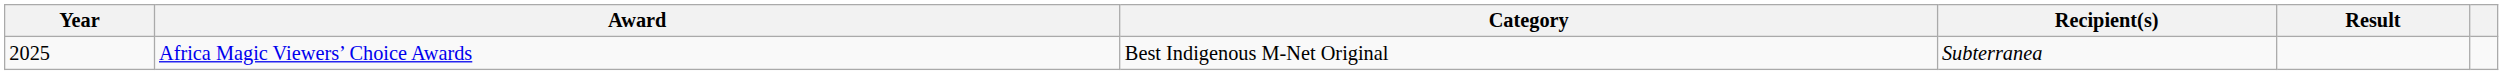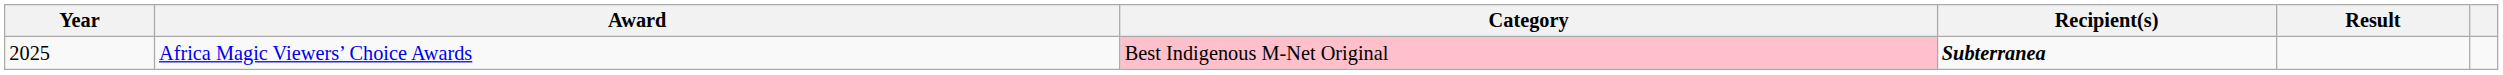 <table class="wikitable sortable plainrowheaders" style="width:99%;">
 <tr>
 <th scope="col">Year</th>
 <th scope="col">Award</th>
 <th scope="col">Category</th>
 <th scope="col">Recipient(s)</th>
 <th scope="col">Result</th>
 <th scope="col" class="unsortable"></th>
 </tr>
 <tr>
 <td rowspan="2">2025</td>
 <td rowspan="2"><a href='#'>Africa Magic Viewers’ Choice Awards</a></td>
-<td>Best Indigenous M-Net Original</td>
-<td><em>Subterranea</em></td>
+<td style="background: pink;">Best Indigenous M-Net Original</td>
+<td><strong><em>Subterranea</em></strong></td>
 <td></td>
 <td rowspan="2"></td>
 </tr>
 </table>
